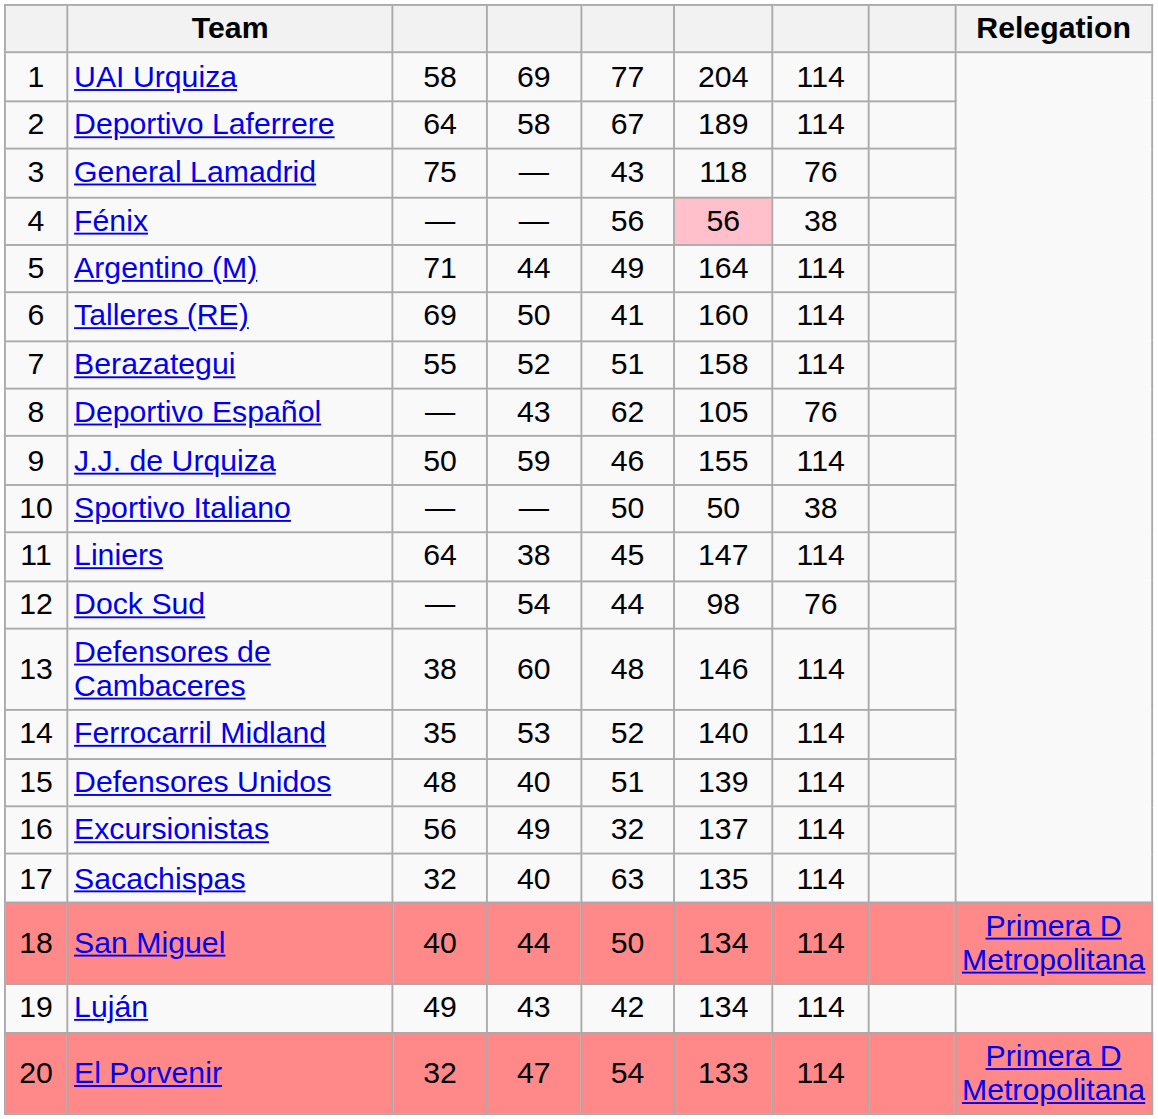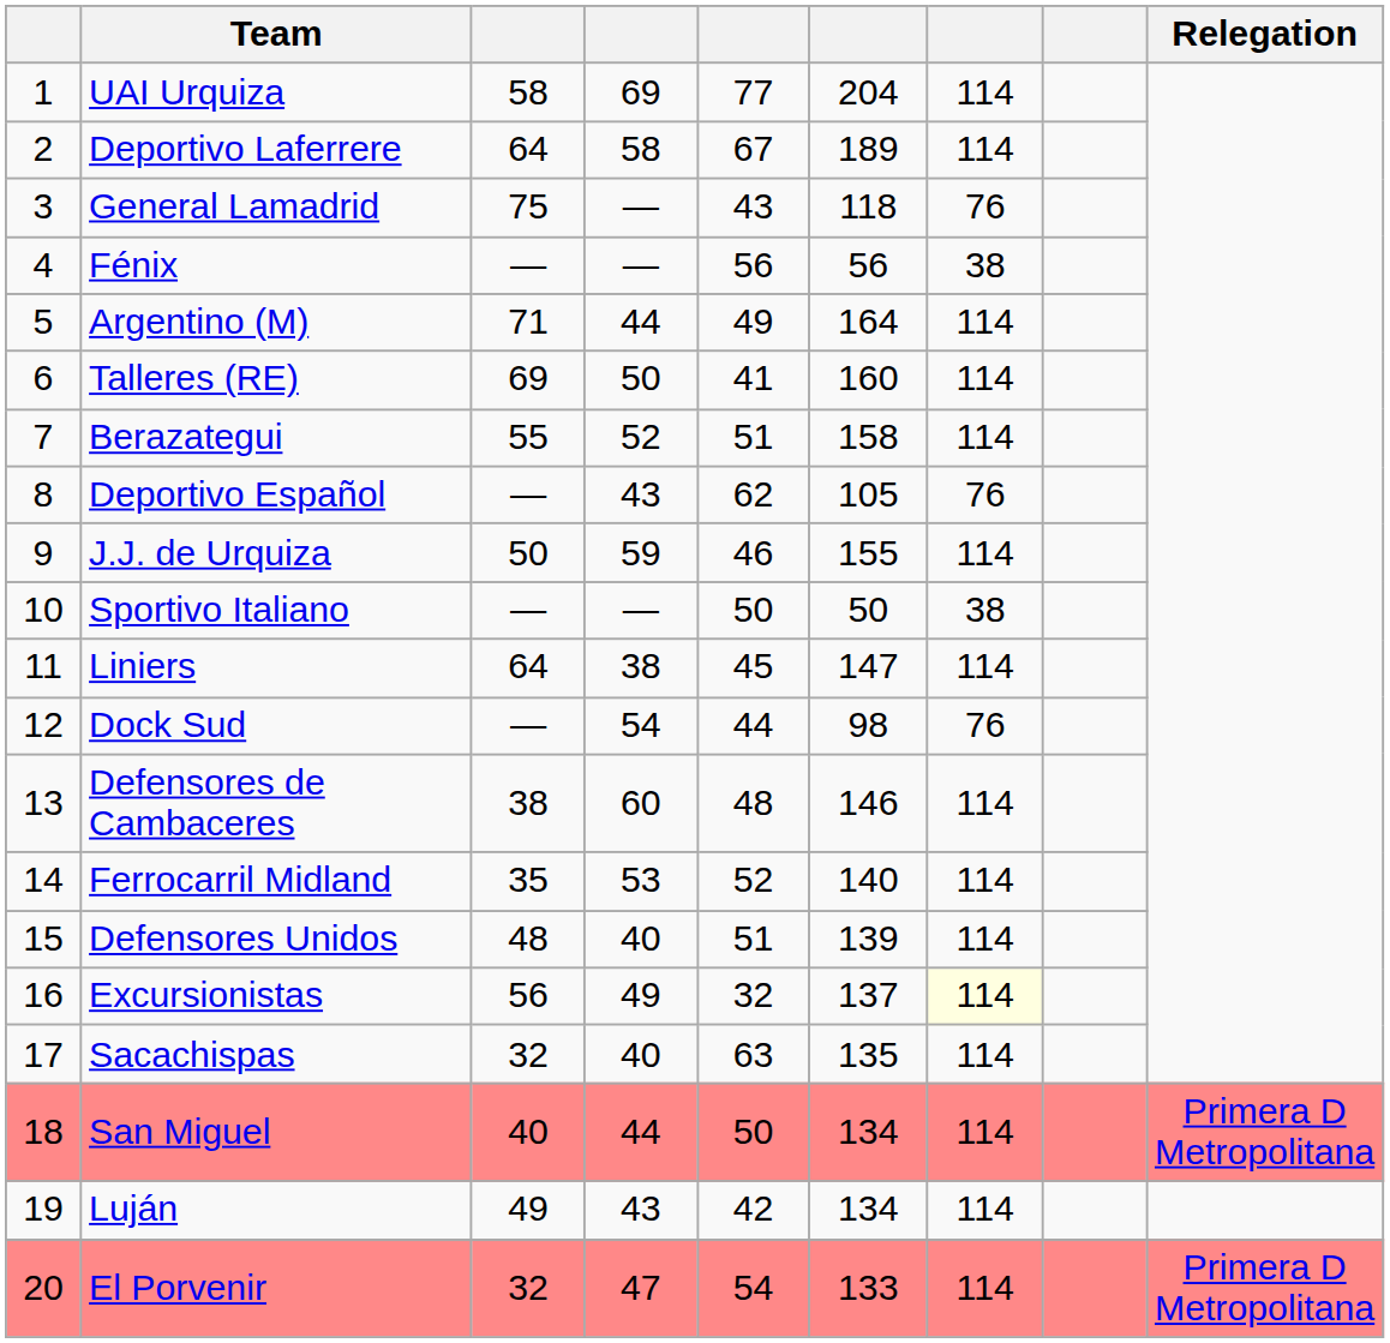 <table class="wikitable" style="text-align: center;">
 <tr>
 <th width=28><br></th>
 <th width=185>Team</th>
 <th width=50></th>
 <th width=50></th>
 <th width=50></th>
 <th width=50></th>
 <th width=50></th>
 <th width=50><br></th>
 <th>Relegation</th>
 </tr>
 <tr>
 <td>1</td>
 <td align="left"><a href='#'>UAI Urquiza</a></td>
 <td>58</td>
 <td>69</td>
 <td>77</td>
 <td>204</td>
 <td>114</td>
 <td><strong></strong></td>
 </tr>
 <tr>
 <td>2</td>
 <td align="left"><a href='#'>Deportivo Laferrere</a></td>
 <td>64</td>
 <td>58</td>
 <td>67</td>
 <td>189</td>
 <td>114</td>
 <td><strong></strong></td>
 </tr>
 <tr>
 <td>3</td>
 <td align="left"><a href='#'>General Lamadrid</a></td>
 <td>75</td>
 <td>—</td>
 <td>43</td>
 <td>118</td>
 <td>76</td>
 <td><strong></strong></td>
 </tr>
 <tr>
 <td>4</td>
 <td align="left"><a href='#'>Fénix</a></td>
 <td>—</td>
 <td>—</td>
 <td>56</td>
-<td style="background: pink;">56</td>
+<td>56</td>
 <td>38</td>
 <td><strong></strong></td>
 </tr>
 <tr>
 <td>5</td>
 <td align="left"><a href='#'>Argentino (M)</a></td>
 <td>71</td>
 <td>44</td>
 <td>49</td>
 <td>164</td>
 <td>114</td>
 <td><strong></strong></td>
 </tr>
 <tr>
 <td>6</td>
 <td align="left"><a href='#'>Talleres (RE)</a></td>
 <td>69</td>
 <td>50</td>
 <td>41</td>
 <td>160</td>
 <td>114</td>
 <td><strong></strong></td>
 </tr>
 <tr>
 <td>7</td>
 <td align="left"><a href='#'>Berazategui</a></td>
 <td>55</td>
 <td>52</td>
 <td>51</td>
 <td>158</td>
 <td>114</td>
 <td><strong></strong></td>
 </tr>
 <tr>
 <td>8</td>
 <td align="left"><a href='#'>Deportivo Español</a></td>
 <td>—</td>
 <td>43</td>
 <td>62</td>
 <td>105</td>
 <td>76</td>
 <td><strong></strong></td>
 </tr>
 <tr>
 <td>9</td>
 <td align="left"><a href='#'>J.J. de Urquiza</a></td>
 <td>50</td>
 <td>59</td>
 <td>46</td>
 <td>155</td>
 <td>114</td>
 <td><strong></strong></td>
 </tr>
 <tr>
 <td>10</td>
 <td align="left"><a href='#'>Sportivo Italiano</a></td>
 <td>—</td>
 <td>—</td>
 <td>50</td>
 <td>50</td>
 <td>38</td>
 <td><strong></strong></td>
 </tr>
 <tr>
 <td>11</td>
 <td align="left"><a href='#'>Liniers</a></td>
 <td>64</td>
 <td>38</td>
 <td>45</td>
 <td>147</td>
 <td>114</td>
 <td><strong></strong></td>
 </tr>
 <tr>
 <td>12</td>
 <td align="left"><a href='#'>Dock Sud</a></td>
 <td>—</td>
 <td>54</td>
 <td>44</td>
 <td>98</td>
 <td>76</td>
 <td><strong></strong></td>
 </tr>
 <tr>
 <td>13</td>
 <td align="left"><a href='#'>Defensores de Cambaceres</a></td>
 <td>38</td>
 <td>60</td>
 <td>48</td>
 <td>146</td>
 <td>114</td>
 <td><strong></strong></td>
 </tr>
 <tr>
 <td>14</td>
 <td align="left"><a href='#'>Ferrocarril Midland</a></td>
 <td>35</td>
 <td>53</td>
 <td>52</td>
 <td>140</td>
 <td>114</td>
 <td><strong></strong></td>
 </tr>
 <tr>
 <td>15</td>
 <td align="left"><a href='#'>Defensores Unidos</a></td>
 <td>48</td>
 <td>40</td>
 <td>51</td>
 <td>139</td>
 <td>114</td>
 <td><strong></strong></td>
 </tr>
 <tr>
 <td>16</td>
 <td align="left"><a href='#'>Excursionistas</a></td>
 <td>56</td>
 <td>49</td>
 <td>32</td>
 <td>137</td>
-<td>114</td>
+<td style="background: lightyellow;">114</td>
 <td><strong></strong></td>
 </tr>
 <tr>
 <td>17</td>
 <td align="left"><a href='#'>Sacachispas</a></td>
 <td>32</td>
 <td>40</td>
 <td>63</td>
 <td>135</td>
 <td>114</td>
 <td><strong></strong></td>
 </tr>
 <tr bgcolor=#FF8888>
 <td>18</td>
 <td align="left"><a href='#'>San Miguel</a></td>
 <td>40</td>
 <td>44</td>
 <td>50</td>
 <td>134</td>
 <td>114</td>
 <td><strong></strong></td>
 <td bgcolor=#FF8888><a href='#'>Primera D Metropolitana</a></td>
 </tr>
 <tr>
 <td>19</td>
 <td align="left"><a href='#'>Luján</a></td>
 <td>49</td>
 <td>43</td>
 <td>42</td>
 <td>134</td>
 <td>114</td>
 <td><strong></strong></td>
 </tr>
 <tr>
 </tr>
 <tr bgcolor=#FF8888>
 <td>20</td>
 <td align="left"><a href='#'>El Porvenir</a></td>
 <td>32</td>
 <td>47</td>
 <td>54</td>
 <td>133</td>
 <td>114</td>
 <td><strong></strong></td>
 <td bgcolor=#FF8888><a href='#'>Primera D Metropolitana</a></td>
 </tr>
 <tr>
 </tr>
 </table>
